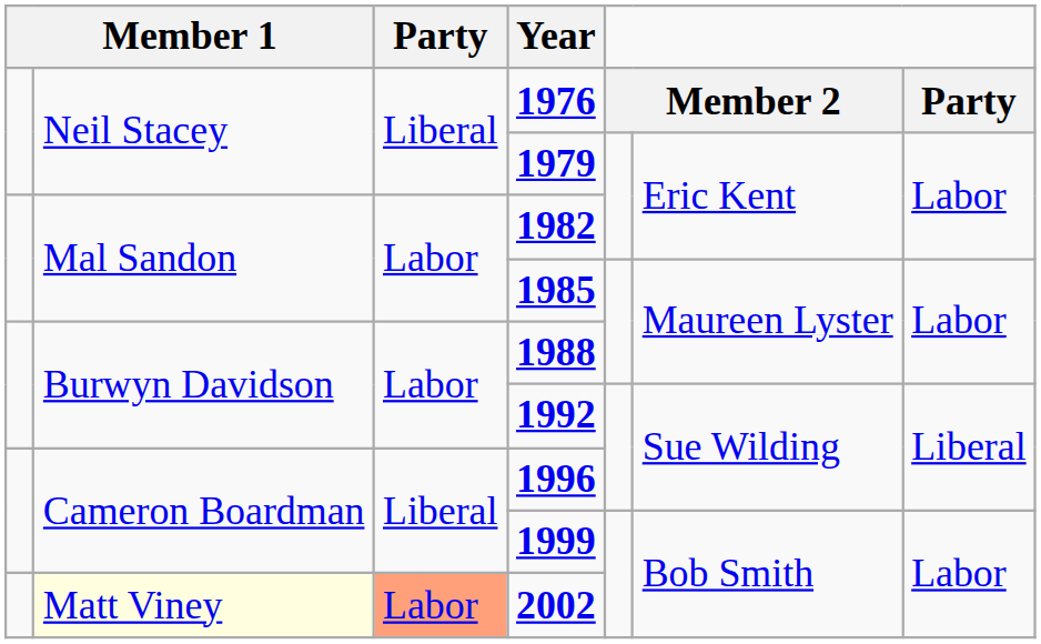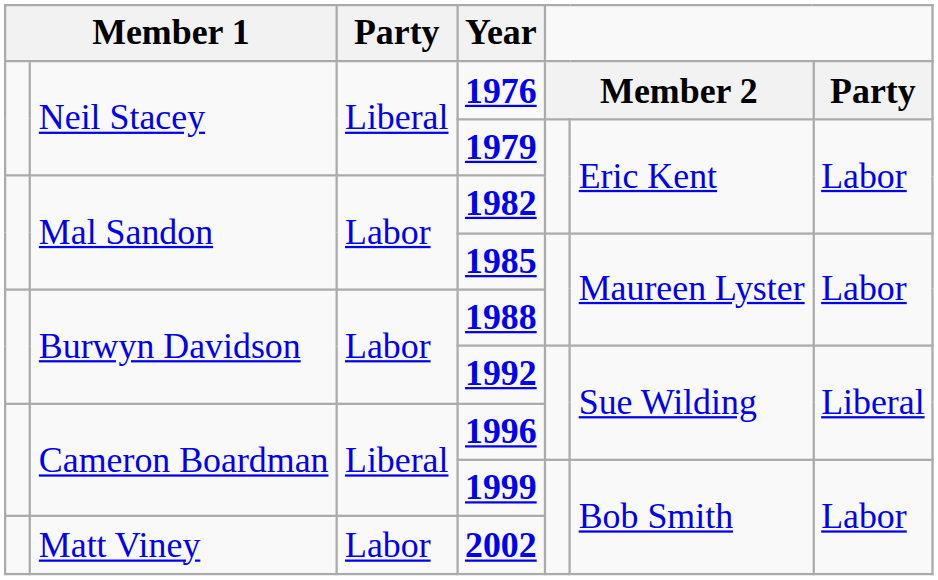 <table class="wikitable">
 <tr>
 <th colspan="2">Member 1</th>
 <th>Party</th>
 <th>Year</th>
 </tr>
 <tr>
 <td rowspan="2" > </td>
 <td rowspan="2"><a href='#'>Neil Stacey</a></td>
 <td rowspan="2"><a href='#'>Liberal</a></td>
 <td><strong><a href='#'>1976</a></strong></td>
 <th colspan="2">Member 2</th>
 <th>Party</th>
 </tr>
 <tr>
 <td><strong><a href='#'>1979</a></strong></td>
 <td rowspan="2" > </td>
 <td rowspan="2"><a href='#'>Eric Kent</a></td>
 <td rowspan="2"><a href='#'>Labor</a></td>
 </tr>
 <tr>
 <td rowspan="2" > </td>
 <td rowspan="2"><a href='#'>Mal Sandon</a></td>
 <td rowspan="2"><a href='#'>Labor</a></td>
 <td><strong><a href='#'>1982</a></strong></td>
 </tr>
 <tr>
 <td><strong><a href='#'>1985</a></strong></td>
 <td rowspan="2" > </td>
 <td rowspan="2"><a href='#'>Maureen Lyster</a></td>
 <td rowspan="2"><a href='#'>Labor</a></td>
 </tr>
 <tr>
 <td rowspan="2" > </td>
 <td rowspan="2"><a href='#'>Burwyn Davidson</a></td>
 <td rowspan="2"><a href='#'>Labor</a></td>
 <td><strong><a href='#'>1988</a></strong></td>
 </tr>
 <tr>
 <td><strong><a href='#'>1992</a></strong></td>
 <td rowspan="2" > </td>
 <td rowspan="2"><a href='#'>Sue Wilding</a></td>
 <td rowspan="2"><a href='#'>Liberal</a></td>
 </tr>
 <tr>
 <td rowspan="2" > </td>
 <td rowspan="2"><a href='#'>Cameron Boardman</a></td>
 <td rowspan="2"><a href='#'>Liberal</a></td>
 <td><strong><a href='#'>1996</a></strong></td>
 </tr>
 <tr>
 <td><strong><a href='#'>1999</a></strong></td>
 <td rowspan="2" > </td>
 <td rowspan="2"><a href='#'>Bob Smith</a></td>
 <td rowspan="2"><a href='#'>Labor</a></td>
 </tr>
 <tr>
 <td> </td>
-<td style="background: lightyellow;"><a href='#'>Matt Viney</a></td>
-<td style="background: lightsalmon;"><a href='#'>Labor</a></td>
+<td><a href='#'>Matt Viney</a></td>
+<td><a href='#'>Labor</a></td>
 <td><strong><a href='#'>2002</a></strong></td>
 </tr>
 </table>
